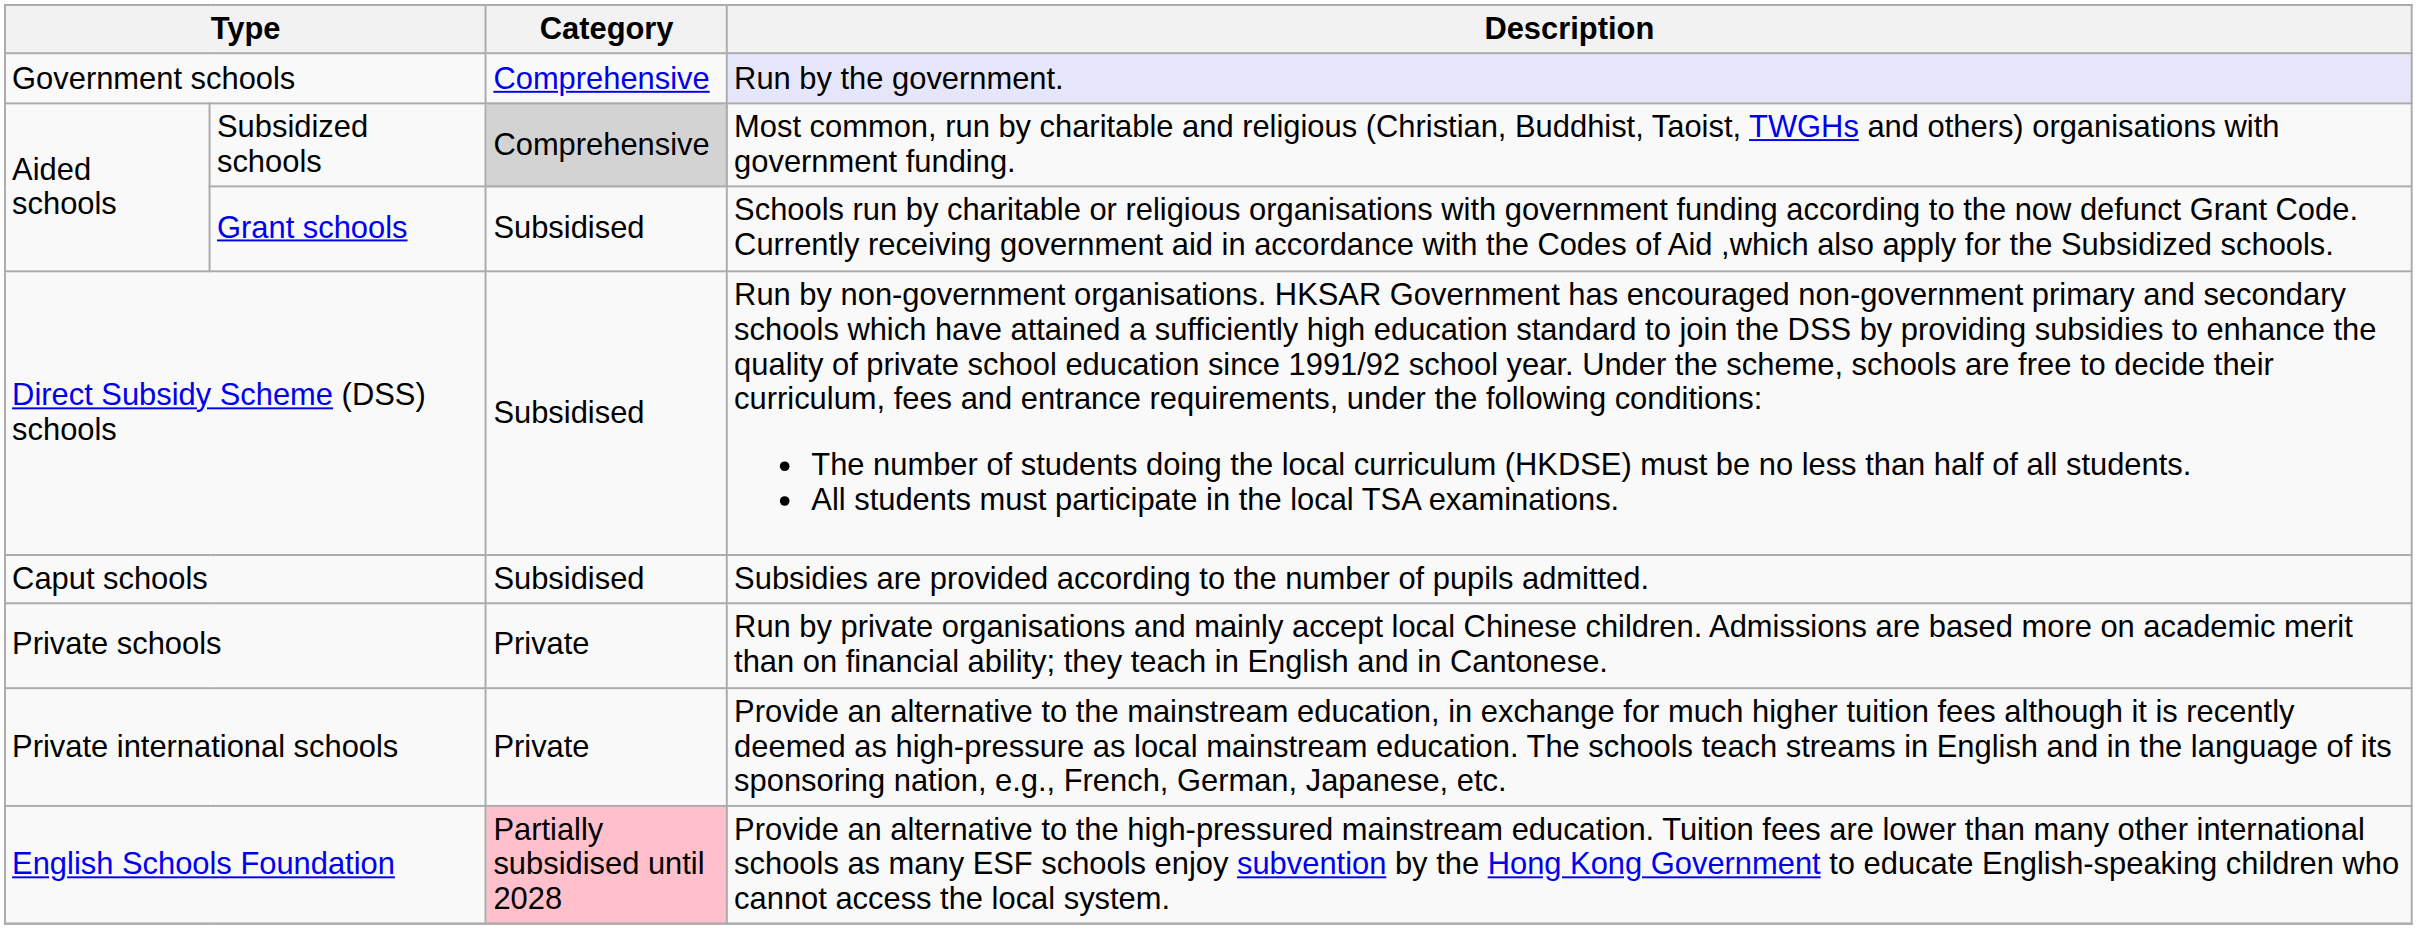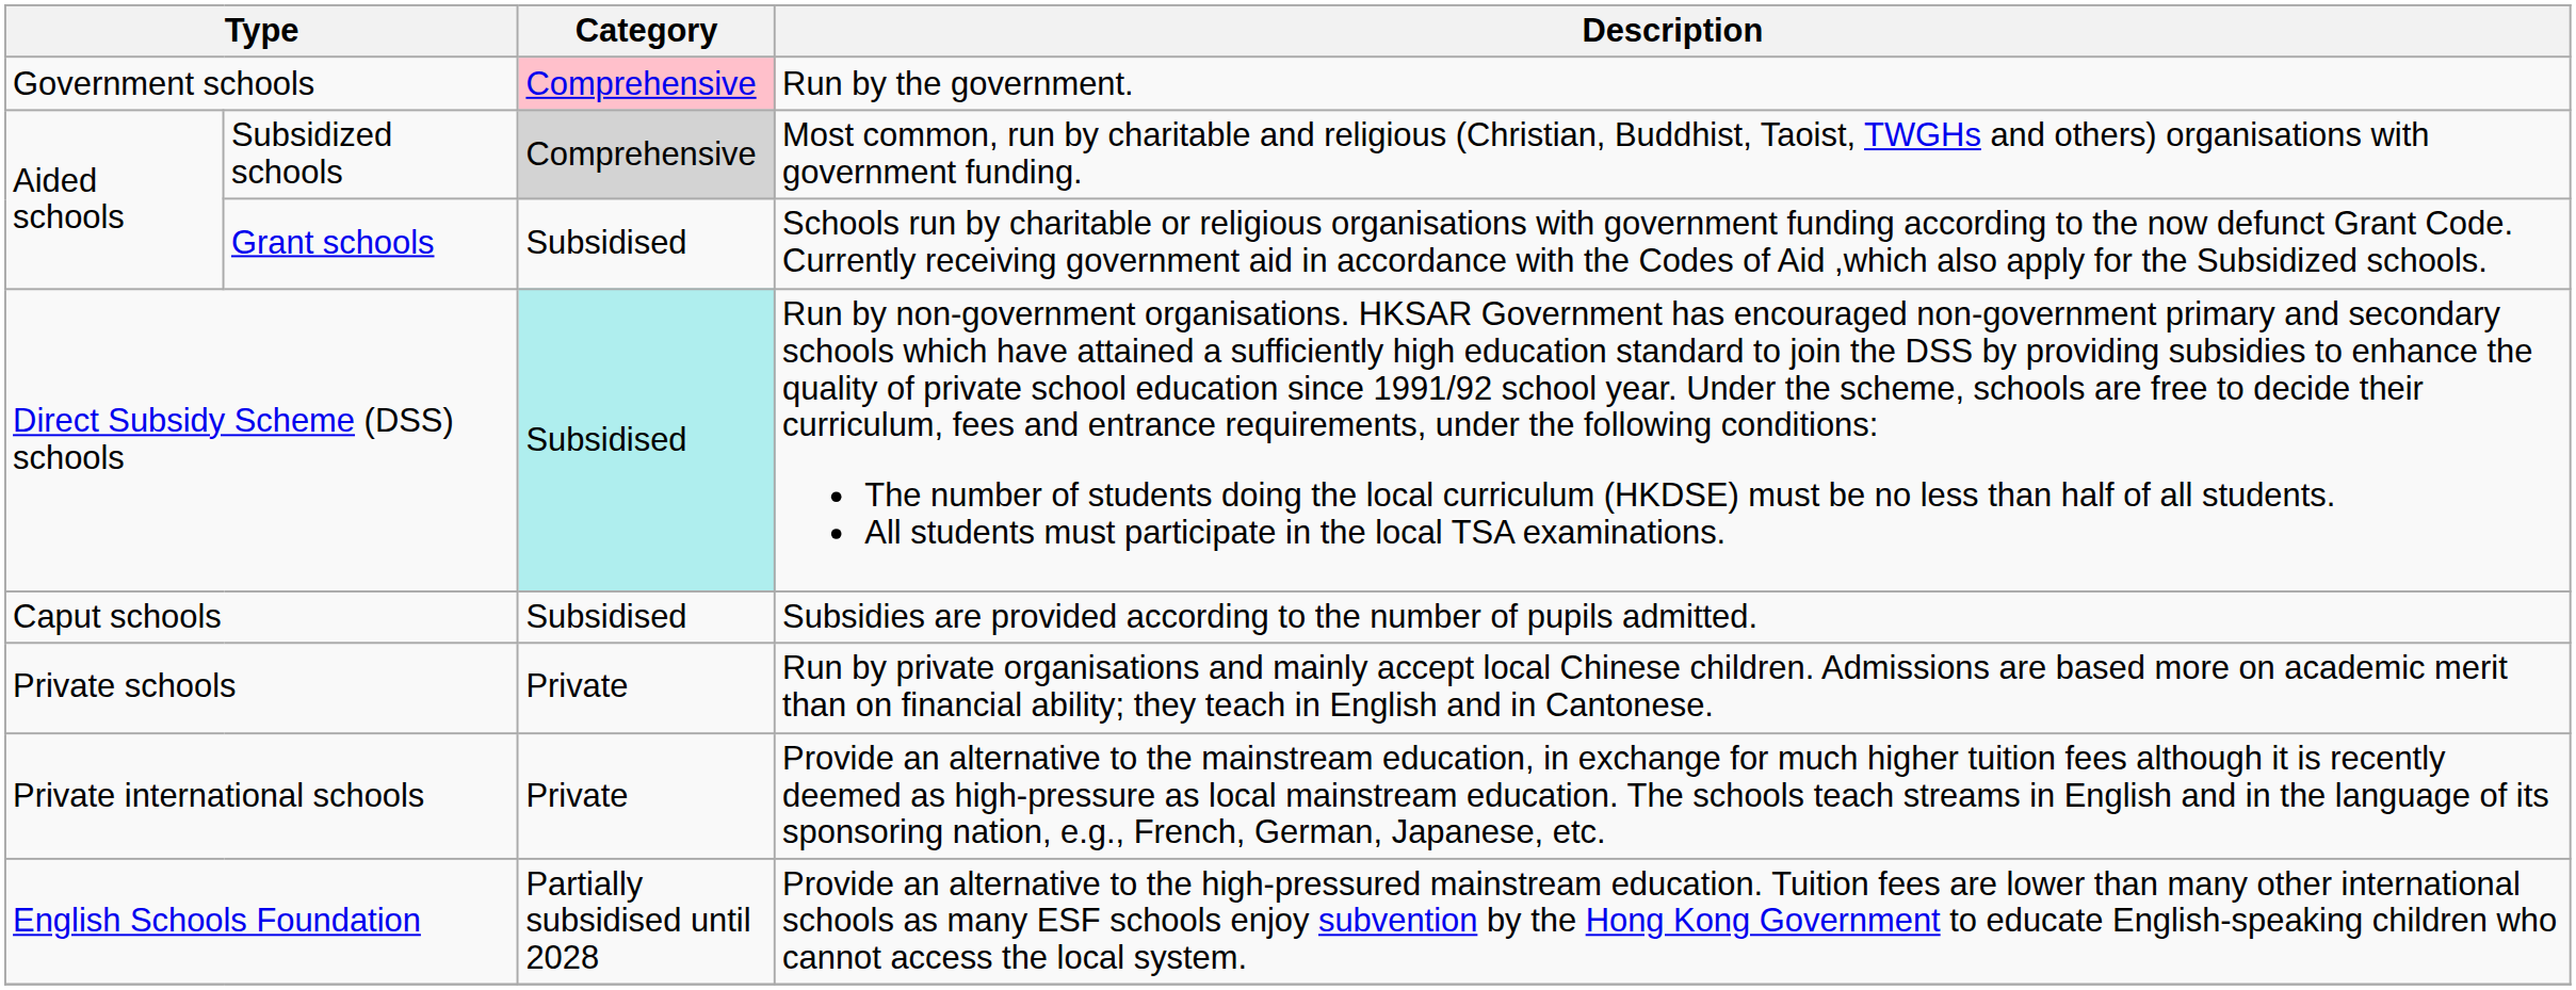 <table class="wikitable">
 <tr>
 <th width=20% colspan="2">Type</th>
 <th>Category</th>
 <th width=70%>Description</th>
 </tr>
 <tr>
 <td colspan="2">Government schools</td>
-<td><a href='#'>Comprehensive</a></td>
-<td style="background: lavender;">Run by the government.</td>
+<td style="background: pink;"><a href='#'>Comprehensive</a></td>
+<td>Run by the government.</td>
 </tr>
 <tr>
 <td rowspan="2">Aided schools</td>
 <td>Subsidized schools</td>
 <td style="background: lightgrey;">Comprehensive</td>
 <td>Most common, run by charitable and religious (Christian, Buddhist, Taoist, <a href='#'>TWGHs</a> and others) organisations with government funding.</td>
 </tr>
 <tr>
 <td><a href='#'>Grant schools</a></td>
 <td>Subsidised</td>
 <td>Schools run by charitable or religious organisations with government funding according to the now defunct Grant Code. Currently receiving government aid in accordance with the Codes of Aid ,which also apply for the Subsidized schools.</td>
 </tr>
 <tr>
 <td colspan="2"><a href='#'>Direct Subsidy Scheme</a> (DSS) schools</td>
-<td>Subsidised</td>
+<td style="background: paleturquoise;">Subsidised</td>
 <td>Run by non-government organisations. HKSAR Government has encouraged non-government primary and secondary schools which have attained a sufficiently high education standard to join the DSS by providing subsidies to enhance the quality of private school education since 1991/92 school year. Under the scheme, schools are free to decide their curriculum, fees and entrance requirements, under the following conditions:<br><ul><li>The number of students doing the local curriculum (HKDSE) must be no less than half of all students.</li><li>All students must participate in the local TSA examinations.</li></ul></td>
 </tr>
 <tr>
 <td colspan="2">Caput schools</td>
 <td>Subsidised</td>
 <td>Subsidies are provided according to the number of pupils admitted.</td>
 </tr>
 <tr>
 <td colspan="2">Private schools</td>
 <td>Private</td>
 <td>Run by private organisations and mainly accept local Chinese children. Admissions are based more on academic merit than on financial ability; they teach in English and in Cantonese.</td>
 </tr>
 <tr>
 <td colspan="2">Private international schools</td>
 <td>Private</td>
 <td>Provide an alternative to the mainstream education, in exchange for much higher tuition fees although it is recently deemed as high-pressure as local mainstream education. The schools teach streams in English and in the language of its sponsoring nation, e.g., French, German, Japanese, etc.</td>
 </tr>
 <tr>
 <td colspan="2"><a href='#'>English Schools Foundation</a></td>
-<td style="background: pink;">Partially subsidised until 2028</td>
+<td>Partially subsidised until 2028</td>
 <td>Provide an alternative to the high-pressured mainstream education. Tuition fees are lower than many other international schools as many ESF schools enjoy <a href='#'>subvention</a> by the <a href='#'>Hong Kong Government</a> to educate English-speaking children who cannot access the local system.</td>
 </tr>
 <tr>
 </tr>
 </table>
